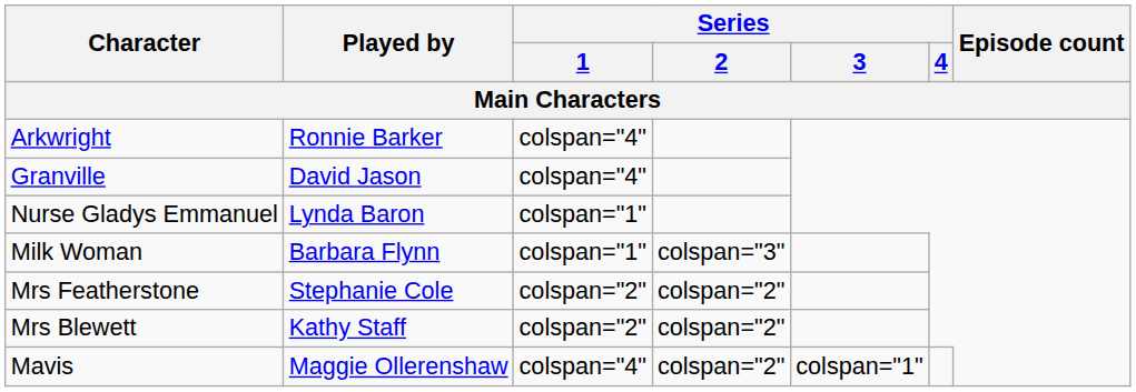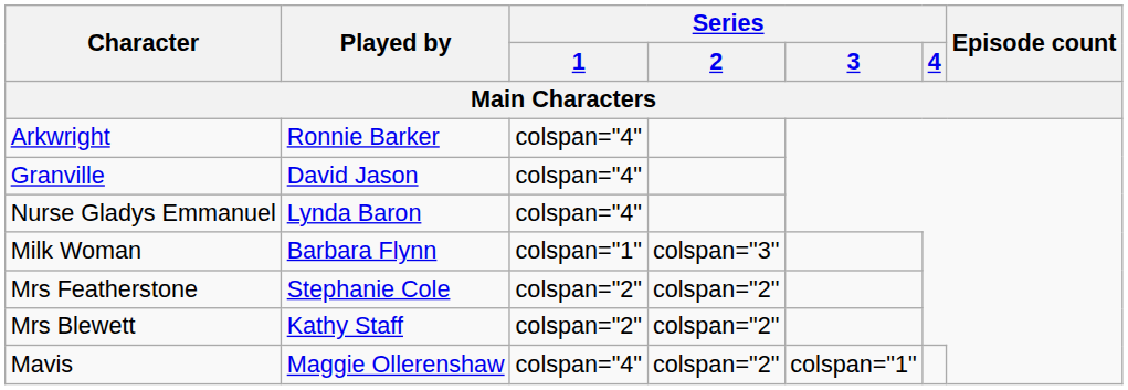 <table class="wikitable planrowheaders">
 <tr>
 <th rowspan="2">Character</th>
 <th rowspan="2">Played by</th>
 <th colspan="4"><a href='#'>Series</a></th>
 <th rowspan="2">Episode count</th>
 </tr>
 <tr>
 <th><a href='#'>1</a></th>
 <th><a href='#'>2</a></th>
 <th><a href='#'>3</a></th>
 <th><a href='#'>4</a></th>
 </tr>
 <tr>
 <th colspan="10">Main Characters</th>
 </tr>
 <tr>
 <td><a href='#'>Arkwright</a></td>
 <td><a href='#'>Ronnie Barker</a></td>
 <td>colspan="4" </td>
 <td></td>
 </tr>
 <tr>
 <td><a href='#'>Granville</a></td>
 <td><a href='#'>David Jason</a></td>
 <td>colspan="4" </td>
 <td></td>
 </tr>
 <tr>
 <td>Nurse Gladys Emmanuel</td>
 <td><a href='#'>Lynda Baron</a></td>
-<td>colspan="1" </td>
+<td>colspan="4" </td>
 <td></td>
 </tr>
 <tr>
 <td>Milk Woman</td>
 <td><a href='#'>Barbara Flynn</a></td>
 <td>colspan="1" </td>
 <td>colspan="3" </td>
 <td></td>
 </tr>
 <tr>
 <td>Mrs Featherstone</td>
 <td><a href='#'>Stephanie Cole</a></td>
 <td>colspan="2" </td>
 <td>colspan="2" </td>
 <td></td>
 </tr>
 <tr>
 <td>Mrs Blewett</td>
 <td><a href='#'>Kathy Staff</a></td>
 <td>colspan="2" </td>
 <td>colspan="2" </td>
 <td></td>
 </tr>
 <tr>
 <td>Mavis</td>
 <td><a href='#'>Maggie Ollerenshaw</a></td>
 <td>colspan="4" </td>
 <td>colspan="2" </td>
 <td>colspan="1" </td>
 <td></td>
 </tr>
 </table>
